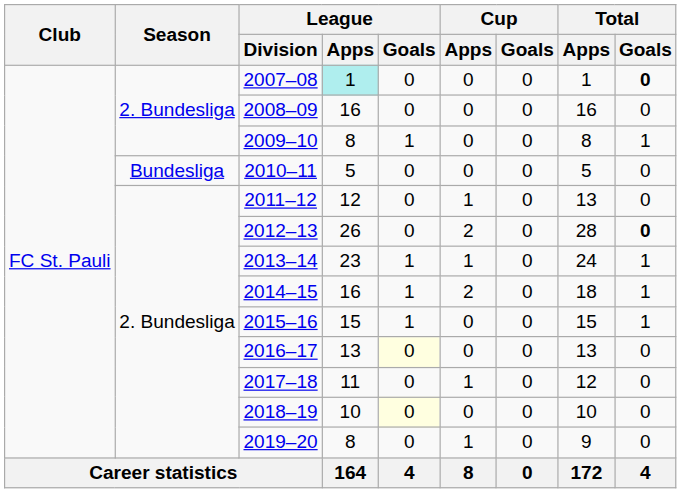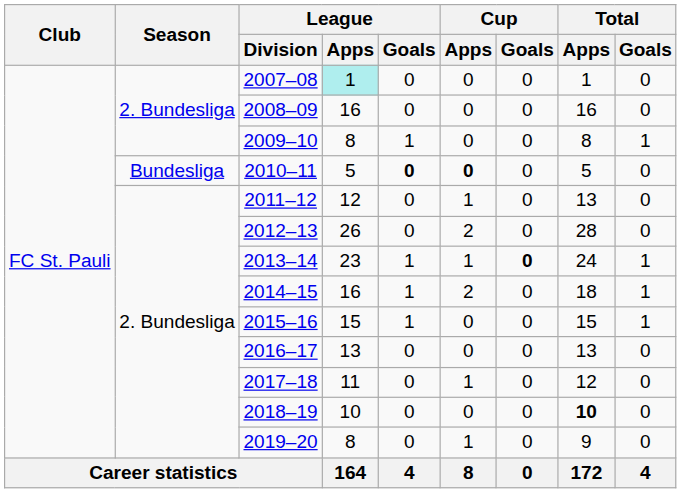 <table class="wikitable" style="text-align:center">
 <tr>
 <th rowspan="2">Club</th>
 <th rowspan="2">Season</th>
 <th colspan="3">League</th>
 <th colspan="2">Cup</th>
 <th colspan="2">Total</th>
 </tr>
 <tr>
 <th>Division</th>
 <th>Apps</th>
 <th>Goals</th>
 <th>Apps</th>
 <th>Goals</th>
 <th>Apps</th>
 <th>Goals</th>
 </tr>
 <tr>
 <td rowspan="13"><a href='#'>FC St. Pauli</a></td>
 <td rowspan="3"><a href='#'>2. Bundesliga</a></td>
 <td><a href='#'>2007–08</a></td>
 <td style="background: paleturquoise;">1</td>
 <td>0</td>
 <td>0</td>
 <td>0</td>
 <td>1</td>
-<td><strong>0</strong></td>
+<td>0</td>
 </tr>
 <tr>
 <td><a href='#'>2008–09</a></td>
 <td>16</td>
 <td>0</td>
 <td>0</td>
 <td>0</td>
 <td>16</td>
 <td>0</td>
 </tr>
 <tr>
 <td><a href='#'>2009–10</a></td>
 <td>8</td>
 <td>1</td>
 <td>0</td>
 <td>0</td>
 <td>8</td>
 <td>1<br></td>
 </tr>
 <tr>
 <td><a href='#'>Bundesliga</a></td>
 <td><a href='#'>2010–11</a></td>
 <td>5</td>
-<td>0</td>
-<td>0</td>
+<td><strong>0</strong></td>
+<td><strong>0</strong></td>
 <td>0</td>
 <td>5</td>
 <td>0</td>
 </tr>
 <tr>
 <td rowspan="9">2. Bundesliga</td>
 <td><a href='#'>2011–12</a></td>
 <td>12</td>
 <td>0</td>
 <td>1</td>
 <td>0</td>
 <td>13</td>
 <td>0</td>
 </tr>
 <tr>
 <td><a href='#'>2012–13</a></td>
 <td>26</td>
 <td>0</td>
 <td>2</td>
 <td>0</td>
 <td>28</td>
-<td><strong>0</strong></td>
+<td>0</td>
 </tr>
 <tr>
 <td><a href='#'>2013–14</a></td>
 <td>23</td>
 <td>1</td>
 <td>1</td>
-<td>0</td>
+<td><strong>0</strong></td>
 <td>24</td>
 <td>1</td>
 </tr>
 <tr>
 <td><a href='#'>2014–15</a></td>
 <td>16</td>
 <td>1</td>
 <td>2</td>
 <td>0</td>
 <td>18</td>
 <td>1</td>
 </tr>
 <tr>
 <td><a href='#'>2015–16</a></td>
 <td>15</td>
 <td>1</td>
 <td>0</td>
 <td>0</td>
 <td>15</td>
 <td>1</td>
 </tr>
 <tr>
 <td><a href='#'>2016–17</a></td>
 <td>13</td>
-<td style="background: lightyellow;">0</td>
+<td>0</td>
 <td>0</td>
 <td>0</td>
 <td>13</td>
 <td>0</td>
 </tr>
 <tr>
 <td><a href='#'>2017–18</a></td>
 <td>11</td>
 <td>0</td>
 <td>1</td>
 <td>0</td>
 <td>12</td>
 <td>0</td>
 </tr>
 <tr>
 <td><a href='#'>2018–19</a></td>
 <td>10</td>
-<td style="background: lightyellow;">0</td>
 <td>0</td>
 <td>0</td>
-<td>10</td>
+<td>0</td>
+<td><strong>10</strong></td>
 <td>0</td>
 </tr>
 <tr>
 <td><a href='#'>2019–20</a></td>
 <td>8</td>
 <td>0</td>
 <td>1</td>
 <td>0</td>
 <td>9</td>
 <td>0</td>
 </tr>
 <tr>
 <th colspan="3">Career statistics</th>
 <th>164</th>
 <th>4</th>
 <th>8</th>
 <th>0</th>
 <th>172</th>
 <th>4</th>
 </tr>
 </table>
